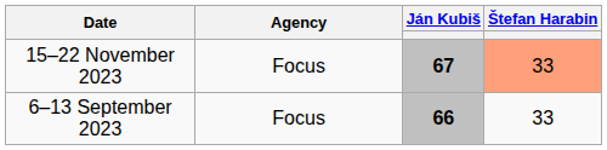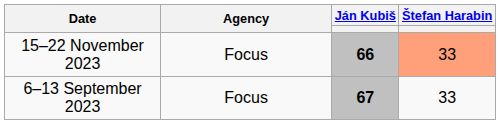 <table class="wikitable" style="text-align:center;">
 <tr style="font-size:80%;">
 <th style="width:150px;" rowspan="2">Date</th>
 <th style="width:165px;" rowspan="2">Agency</th>
 <th><a href='#'>Ján Kubiš</a></th>
 <th><a href='#'>Štefan Harabin</a></th>
 </tr>
 <tr>
 <th style="background:"></th>
 <th style="background:"></th>
 </tr>
 <tr>
 <td>15–22 November 2023</td>
 <td>Focus</td>
-<td style="background:#C0C0C0;"><strong>67</strong></td>
+<td style="background:#C0C0C0;"><strong>66</strong></td>
 <td style="background: lightsalmon;">33</td>
 </tr>
 <tr>
 <td>6–13 September 2023</td>
 <td>Focus</td>
-<td style="background:#C0C0C0;"><strong>66</strong></td>
+<td style="background:#C0C0C0;"><strong>67</strong></td>
 <td>33</td>
 </tr>
 </table>
